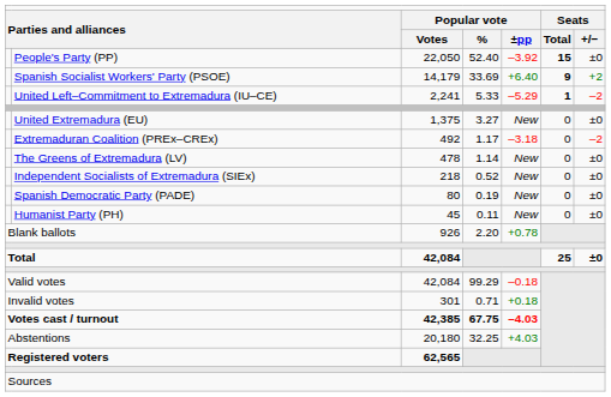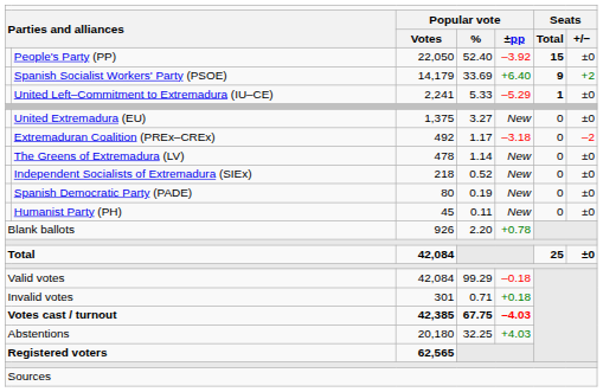 <table class="wikitable" style="text-align:right;">
 <tr>
 <td colspan="7"></td>
 </tr>
 <tr>
 <th style="text-align:left;" rowspan="2" colspan="2" width="525">Parties and alliances</th>
 <th colspan="3">Popular vote</th>
 <th colspan="2">Seats</th>
 </tr>
 <tr>
 <th width="75">Votes</th>
 <th width="45">%</th>
 <th width="45">±<a href='#'>pp</a></th>
 <th width="35">Total</th>
 <th width="35">+/−</th>
 </tr>
 <tr>
 <td width="1" style="color:inherit;background:"></td>
 <td align="left"><a href='#'>People's Party</a> (PP)</td>
 <td>22,050</td>
 <td>52.40</td>
 <td style="color:red;">–3.92</td>
 <td><strong>15</strong></td>
 <td>±0</td>
 </tr>
 <tr>
 <td style="color:inherit;background:"></td>
 <td align="left"><a href='#'>Spanish Socialist Workers' Party</a> (PSOE)</td>
 <td>14,179</td>
 <td>33.69</td>
 <td style="color:green;">+6.40</td>
 <td><strong>9</strong></td>
 <td style="color:green;">+2</td>
 </tr>
 <tr>
 <td style="color:inherit;background:"></td>
 <td align="left"><a href='#'>United Left–Commitment to Extremadura</a> (IU–CE)</td>
 <td>2,241</td>
 <td>5.33</td>
 <td style="color:red;">–5.29</td>
 <td><strong>1</strong></td>
-<td style="color:red;">–2</td>
+<td>±0</td>
 </tr>
 <tr>
 <td colspan="7" bgcolor="#C0C0C0"></td>
 </tr>
 <tr>
 <td style="color:inherit;background:"></td>
 <td align="left"><a href='#'>United Extremadura</a> (EU)</td>
 <td>1,375</td>
 <td>3.27</td>
 <td><em>New</em></td>
 <td>0</td>
 <td>±0</td>
 </tr>
 <tr>
 <td style="color:inherit;background:"></td>
 <td align="left"><a href='#'>Extremaduran Coalition</a> (PREx–CREx)</td>
 <td>492</td>
 <td>1.17</td>
 <td style="color:red;">–3.18</td>
 <td>0</td>
 <td style="color:red;">–2</td>
 </tr>
 <tr>
 <td style="color:inherit;background:"></td>
 <td align="left"><a href='#'>The Greens of Extremadura</a> (LV)</td>
 <td>478</td>
 <td>1.14</td>
 <td><em>New</em></td>
 <td>0</td>
 <td>±0</td>
 </tr>
 <tr>
 <td style="color:inherit;background:"></td>
 <td align="left"><a href='#'>Independent Socialists of Extremadura</a> (SIEx)</td>
 <td>218</td>
 <td>0.52</td>
 <td><em>New</em></td>
 <td>0</td>
 <td>±0</td>
 </tr>
 <tr>
 <td style="color:inherit;background:"></td>
 <td align="left"><a href='#'>Spanish Democratic Party</a> (PADE)</td>
 <td>80</td>
 <td>0.19</td>
 <td><em>New</em></td>
 <td>0</td>
 <td>±0</td>
 </tr>
 <tr>
 <td style="color:inherit;background:"></td>
 <td align="left"><a href='#'>Humanist Party</a> (PH)</td>
 <td>45</td>
 <td>0.11</td>
 <td><em>New</em></td>
 <td>0</td>
 <td>±0</td>
 </tr>
 <tr>
 <td align="left" colspan="2">Blank ballots</td>
 <td>926</td>
 <td>2.20</td>
 <td style="color:green;">+0.78</td>
 <td bgcolor="#E9E9E9" colspan="2"></td>
 </tr>
 <tr>
 <td colspan="7" bgcolor="#E9E9E9"></td>
 </tr>
 <tr style="font-weight:bold;">
 <td align="left" colspan="2">Total</td>
 <td>42,084</td>
 <td bgcolor="#E9E9E9" colspan="2"></td>
 <td>25</td>
 <td>±0</td>
 </tr>
 <tr>
 <td colspan="7" bgcolor="#E9E9E9"></td>
 </tr>
 <tr>
 <td align="left" colspan="2">Valid votes</td>
 <td>42,084</td>
 <td>99.29</td>
 <td style="color:red;">–0.18</td>
 <td bgcolor="#E9E9E9" colspan="2" rowspan="5"></td>
 </tr>
 <tr>
 <td align="left" colspan="2">Invalid votes</td>
 <td>301</td>
 <td>0.71</td>
 <td style="color:green;">+0.18</td>
 </tr>
 <tr style="font-weight:bold;">
 <td align="left" colspan="2">Votes cast / turnout</td>
 <td>42,385</td>
 <td>67.75</td>
 <td style="color:red;">–4.03</td>
 </tr>
 <tr>
 <td align="left" colspan="2">Abstentions</td>
 <td>20,180</td>
 <td>32.25</td>
 <td style="color:green;">+4.03</td>
 </tr>
 <tr style="font-weight:bold;">
 <td align="left" colspan="2">Registered voters</td>
 <td>62,565</td>
 <td bgcolor="#E9E9E9" colspan="2"></td>
 </tr>
 <tr>
 <td colspan="7" bgcolor="#E9E9E9"></td>
 </tr>
 <tr>
 <td align="left" colspan="7">Sources</td>
 </tr>
 </table>
